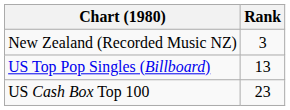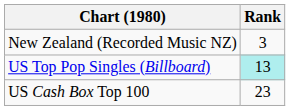 <table class="wikitable sortable">
 <tr>
 <th>Chart (1980)</th>
 <th>Rank</th>
 </tr>
 <tr>
 <td>New Zealand (Recorded Music NZ)</td>
 <td style="text-align:center;">3</td>
 </tr>
 <tr>
 <td><a href='#'>US Top Pop Singles (<em>Billboard</em>)</a></td>
-<td align="center">13</td>
+<td align="center" style="background: paleturquoise;">13</td>
 </tr>
 <tr>
 <td>US <em>Cash Box</em> Top 100</td>
 <td style="text-align:center;">23</td>
 </tr>
 </table>
